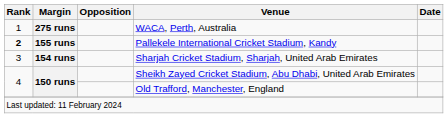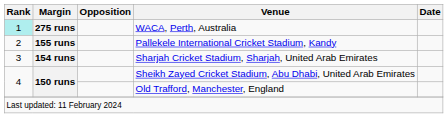 <table class="wikitable plainrowheaders sortable">
 <tr>
 <th scope=col>Rank</th>
 <th scope=col>Margin</th>
 <th scope=col>Opposition</th>
 <th scope=col>Venue</th>
 <th scope=col>Date</th>
 </tr>
 <tr>
-<td align=center>1</td>
+<td align=center style="background: paleturquoise;">1</td>
 <th scope=row style="text-align:center;">275 runs</th>
 <td></td>
 <td><a href='#'>WACA</a>, <a href='#'>Perth</a>, Australia</td>
 <td> </td>
 </tr>
 <tr>
-<td align="center"><strong>2</strong></td>
+<td align="center">2</td>
 <th scope="row" style="text-align:center;">155 runs</th>
 <td></td>
 <td><a href='#'>Pallekele International Cricket Stadium</a>, <a href='#'>Kandy</a></td>
 <td></td>
 </tr>
 <tr>
 <td align="center">3</td>
 <th scope="row" style="text-align:center;">154 runs</th>
 <td></td>
 <td><a href='#'>Sharjah Cricket Stadium</a>, <a href='#'>Sharjah</a>, United Arab Emirates</td>
 <td></td>
 </tr>
 <tr>
 <td rowspan="2" align="center">4</td>
 <th rowspan="2" scope="row" style="text-align:center;">150 runs</th>
 <td></td>
 <td><a href='#'>Sheikh Zayed Cricket Stadium</a>, <a href='#'>Abu Dhabi</a>, United Arab Emirates</td>
 <td></td>
 </tr>
 <tr>
 <td></td>
 <td><a href='#'>Old Trafford</a>, <a href='#'>Manchester</a>, England</td>
 <td> </td>
 </tr>
 <tr>
 </tr>
 <tr class=sortbottom>
 <td colspan=5><small>Last updated: 11 February 2024</small></td>
 </tr>
 </table>
